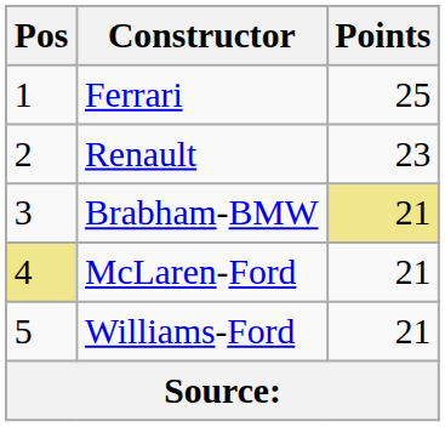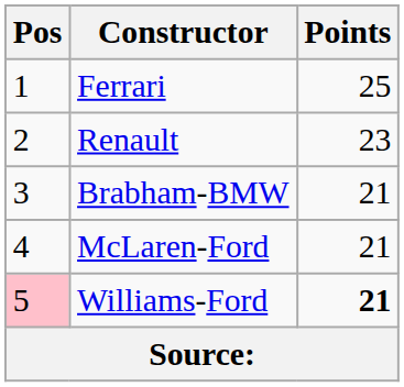 <table class="wikitable" style="font-size: 95%;">
 <tr>
 <th>Pos</th>
 <th>Constructor</th>
 <th>Points</th>
 </tr>
 <tr>
 <td>1</td>
 <td> <a href='#'>Ferrari</a></td>
 <td style="text-align: right">25</td>
 </tr>
 <tr>
 <td>2</td>
 <td> <a href='#'>Renault</a></td>
 <td style="text-align: right">23</td>
 </tr>
 <tr>
 <td>3</td>
 <td> <a href='#'>Brabham</a>-<a href='#'>BMW</a></td>
-<td style="background: khaki; text-align: right">21</td>
+<td style="text-align: right">21</td>
 </tr>
 <tr>
-<td style="background: khaki;">4</td>
+<td>4</td>
 <td> <a href='#'>McLaren</a>-<a href='#'>Ford</a></td>
 <td style="text-align: right">21</td>
 </tr>
 <tr>
-<td>5</td>
+<td style="background: pink;">5</td>
 <td> <a href='#'>Williams</a>-<a href='#'>Ford</a></td>
-<td style="text-align: right">21</td>
+<td style="text-align: right"><strong>21</strong></td>
 </tr>
 <tr>
 <th colspan=4>Source: </th>
 </tr>
 </table>
